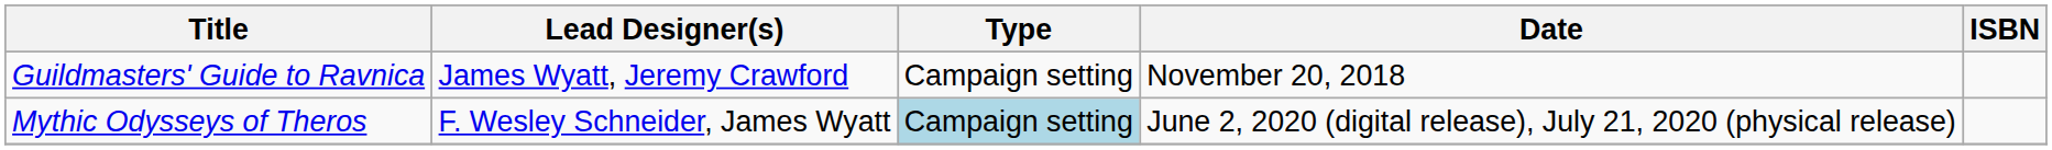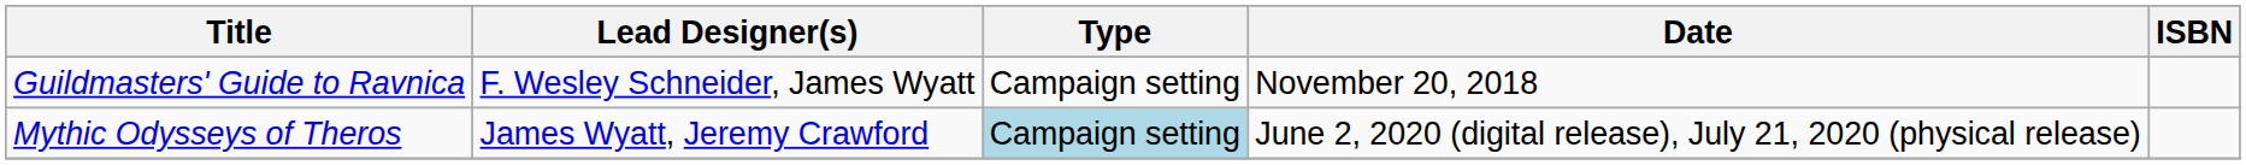 <table class="wikitable sortable" style="margins:auto; width=95%; font-size: 95%;">
 <tr>
 <th>Title</th>
 <th>Lead Designer(s)</th>
 <th>Type</th>
 <th>Date</th>
 <th>ISBN</th>
 </tr>
 <tr>
 <td><em><a href='#'>Guildmasters' Guide to Ravnica</a></em></td>
-<td><a href='#'>James Wyatt</a>, <a href='#'>Jeremy Crawford</a></td>
+<td><a href='#'>F. Wesley Schneider</a>, James Wyatt</td>
 <td>Campaign setting</td>
 <td>November 20, 2018</td>
 <td></td>
 </tr>
 <tr>
 <td><em><a href='#'>Mythic Odysseys of Theros</a></em></td>
-<td><a href='#'>F. Wesley Schneider</a>, James Wyatt</td>
+<td><a href='#'>James Wyatt</a>, <a href='#'>Jeremy Crawford</a></td>
 <td style="background: lightblue;">Campaign setting</td>
 <td>June 2, 2020 (digital release), July 21, 2020 (physical release)</td>
 <td></td>
 </tr>
 <tr>
 </tr>
 </table>
